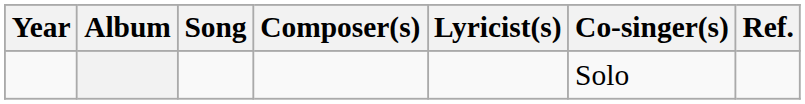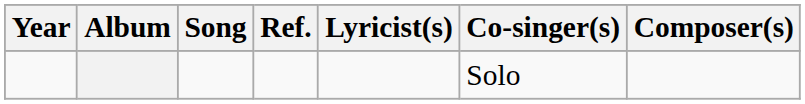 <table class="wikitable plainrowheaders">
 <tr>
 <th scope="col">Year</th>
 <th scope="col">Album</th>
 <th scope="col">Song</th>
-<th scope="col">Composer(s)</th>
+<th scope="col">Ref.</th>
 <th>Lyricist(s)</th>
 <th scope="col">Co-singer(s)</th>
-<th scope="col">Ref.</th>
+<th scope="col">Composer(s)</th>
 </tr>
 <tr>
 <td></td>
 <th scope="row"></th>
 <td></td>
 <td></td>
 <td></td>
 <td>Solo</td>
 <td></td>
 </tr>
 </table>
